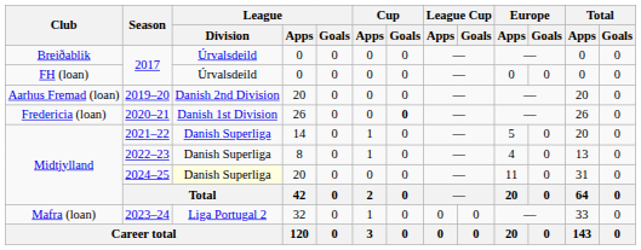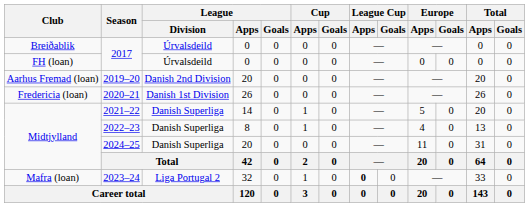 <table class="wikitable" style="text-align:center">
 <tr>
 <th rowspan="2">Club</th>
 <th rowspan="2">Season</th>
 <th colspan="3">League</th>
 <th colspan="2">Cup</th>
 <th colspan="2">League Cup</th>
 <th colspan="2">Europe</th>
 <th colspan="2">Total</th>
 </tr>
 <tr>
 <th>Division</th>
 <th>Apps</th>
 <th>Goals</th>
 <th>Apps</th>
 <th>Goals</th>
 <th>Apps</th>
 <th>Goals</th>
 <th>Apps</th>
 <th>Goals</th>
 <th>Apps</th>
 <th>Goals</th>
 </tr>
 <tr>
 <td><a href='#'>Breiðablik</a></td>
 <td rowspan="2"><a href='#'>2017</a></td>
 <td><a href='#'>Úrvalsdeild</a></td>
 <td>0</td>
 <td>0</td>
 <td>0</td>
 <td>0</td>
 <td colspan="2">—</td>
 <td colspan="2">—</td>
 <td>0</td>
 <td>0</td>
 </tr>
 <tr>
 <td><a href='#'>FH</a> (loan)</td>
 <td>Úrvalsdeild</td>
 <td>0</td>
 <td>0</td>
 <td>0</td>
 <td>0</td>
 <td colspan="2">—</td>
 <td>0</td>
 <td>0</td>
 <td>0</td>
 <td>0</td>
 </tr>
 <tr>
 <td><a href='#'>Aarhus Fremad</a> (loan)</td>
 <td><a href='#'>2019–20</a></td>
 <td><a href='#'>Danish 2nd Division</a></td>
 <td>20</td>
 <td>0</td>
 <td>0</td>
 <td>0</td>
 <td colspan="2">—</td>
 <td colspan="2">—</td>
 <td>20</td>
 <td>0</td>
 </tr>
 <tr>
 <td><a href='#'>Fredericia</a> (loan)</td>
 <td><a href='#'>2020–21</a></td>
 <td><a href='#'>Danish 1st Division</a></td>
 <td>26</td>
 <td>0</td>
 <td>0</td>
-<td><strong>0</strong></td>
+<td>0</td>
 <td colspan="2">—</td>
 <td colspan="2">—</td>
 <td>26</td>
 <td>0</td>
 </tr>
 <tr>
 <td rowspan="4"><a href='#'>Midtjylland</a></td>
 <td><a href='#'>2021–22</a></td>
 <td><a href='#'>Danish Superliga</a></td>
 <td>14</td>
 <td>0</td>
 <td>1</td>
 <td>0</td>
 <td colspan="2">—</td>
 <td>5</td>
 <td>0</td>
 <td>20</td>
 <td>0</td>
 </tr>
 <tr>
 <td><a href='#'>2022–23</a></td>
 <td>Danish Superliga</td>
 <td>8</td>
 <td>0</td>
 <td>1</td>
 <td>0</td>
 <td colspan="2">—</td>
 <td>4</td>
 <td>0</td>
 <td>13</td>
 <td>0</td>
 </tr>
 <tr>
 <td><a href='#'>2024–25</a></td>
-<td style="background: lightyellow;">Danish Superliga</td>
+<td>Danish Superliga</td>
 <td>20</td>
 <td>0</td>
 <td>0</td>
 <td>0</td>
 <td colspan="2">—</td>
 <td>11</td>
 <td>0</td>
 <td>31</td>
 <td>0</td>
 </tr>
 <tr>
 <th colspan="2">Total</th>
 <th>42</th>
 <th>0</th>
 <th>2</th>
 <th>0</th>
 <th colspan="2">—</th>
 <th>20</th>
 <th>0</th>
 <th>64</th>
 <th>0</th>
 </tr>
 <tr>
 <td><a href='#'>Mafra</a> (loan)</td>
 <td><a href='#'>2023–24</a></td>
 <td><a href='#'>Liga Portugal 2</a></td>
 <td>32</td>
 <td>0</td>
 <td>1</td>
 <td>0</td>
-<td>0</td>
+<td><strong>0</strong></td>
 <td>0</td>
 <td colspan="2">—</td>
 <td>33</td>
 <td>0</td>
 </tr>
 <tr>
 <th colspan="3">Career total</th>
 <th>120</th>
 <th>0</th>
 <th>3</th>
 <th>0</th>
 <th>0</th>
 <th>0</th>
 <th>20</th>
 <th>0</th>
 <th>143</th>
 <th>0</th>
 </tr>
 </table>
